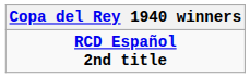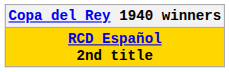 <table class="wikitable" style="text-align: center; margin: 0 auto;">
 <tr>
 <th><a href='#'>Copa del Rey</a> 1940 winners</th>
 </tr>
 <tr>
-<td><strong><a href='#'>RCD Español</a></strong><br><strong>2nd title</strong></td>
+<td style="background: gold;"><strong><a href='#'>RCD Español</a></strong><br><strong>2nd title</strong></td>
 </tr>
 </table>
